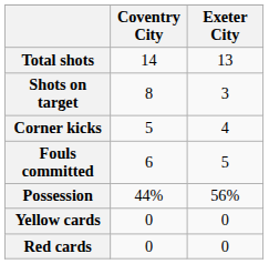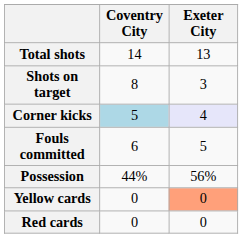 <table class="wikitable plainrowheaders" style="text-align: center">
 <tr>
 </tr>
 <tr>
 <th scope=col width=100></th>
 <th scope=col width=70>Coventry<br>City</th>
 <th scope=col width=70>Exeter<br>City</th>
 </tr>
 <tr>
 <th scope=row>Total shots</th>
 <td>14</td>
 <td>13</td>
 </tr>
 <tr>
 <th scope=row>Shots on target</th>
 <td>8</td>
 <td>3</td>
 </tr>
 <tr>
 <th scope=row>Corner kicks</th>
-<td>5</td>
-<td>4</td>
+<td style="background: lightblue;">5</td>
+<td style="background: lavender;">4</td>
 </tr>
 <tr>
 <th scope=row>Fouls committed</th>
 <td>6</td>
 <td>5</td>
 </tr>
 <tr>
 <th scope=row>Possession</th>
 <td>44%</td>
 <td>56%</td>
 </tr>
 <tr>
 <th scope=row>Yellow cards</th>
 <td>0</td>
-<td>0</td>
+<td style="background: lightsalmon;">0</td>
 </tr>
 <tr>
 <th scope=row>Red cards</th>
 <td>0</td>
 <td>0</td>
 </tr>
 </table>
